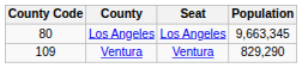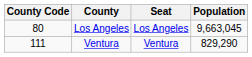 <table class="wikitable sortable" style="text-align:center;">
 <tr>
 <th> County Code</th>
 <th>County</th>
 <th>Seat</th>
 <th>Population</th>
 </tr>
 <tr>
 <td>80</td>
 <td><a href='#'>Los Angeles</a></td>
 <td><a href='#'>Los Angeles</a></td>
-<td>9,663,345</td>
+<td>9,663,045</td>
 </tr>
 <tr>
-<td>109</td>
+<td>111</td>
 <td><a href='#'>Ventura</a></td>
 <td><a href='#'>Ventura</a></td>
 <td>829,290</td>
 </tr>
 </table>
